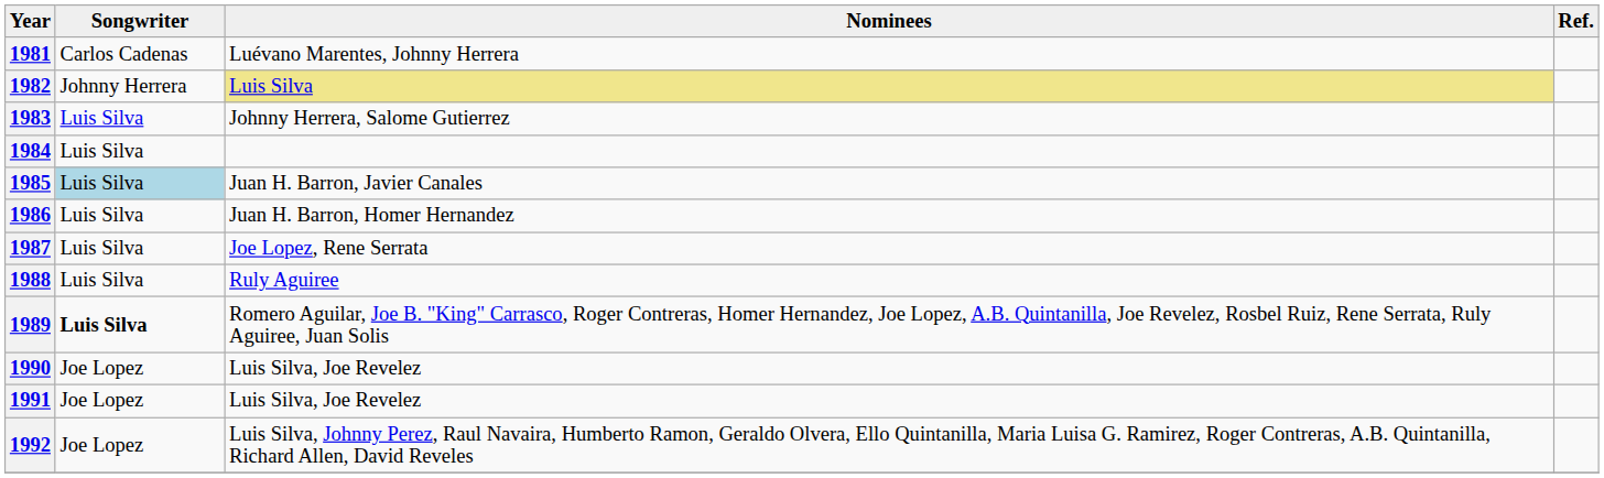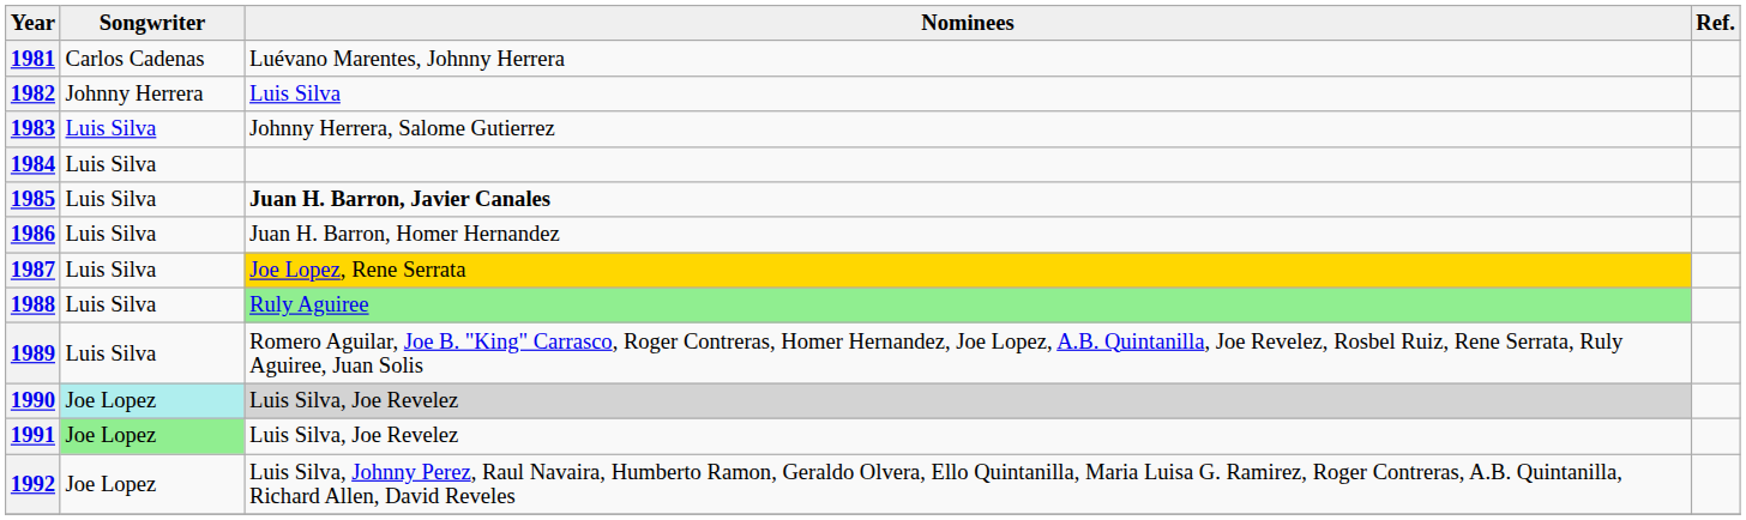 <table class="wikitable sortable">
 <tr>
 <th style="background:#efefef;">Year</th>
 <th style="background:#efefef; width:125px;">Songwriter</th>
 <th style="background:#efefef;" class="unsortable">Nominees</th>
 <th style="background:#efefef;" class="unsortable">Ref.</th>
 </tr>
 <tr>
 <th scope="row"><a href='#'>1981</a></th>
 <td>Carlos Cadenas</td>
 <td>Luévano Marentes, Johnny Herrera</td>
 <td style="text-align:center;"></td>
 </tr>
 <tr>
 <th scope="row"><a href='#'>1982</a></th>
 <td>Johnny Herrera</td>
-<td style="background: khaki;"><a href='#'>Luis Silva</a></td>
+<td><a href='#'>Luis Silva</a></td>
 <td style="text-align:center;"></td>
 </tr>
 <tr>
 <th scope="row"><a href='#'>1983</a></th>
 <td><a href='#'>Luis Silva</a></td>
 <td>Johnny Herrera, Salome Gutierrez</td>
 <td style="text-align:center;"></td>
 </tr>
 <tr>
 <th scope="row"><a href='#'>1984</a></th>
 <td>Luis Silva</td>
 <td></td>
 <td style="text-align:center;"></td>
 </tr>
 <tr>
 <th scope="row"><a href='#'>1985</a></th>
-<td style="background: lightblue;">Luis Silva</td>
-<td>Juan H. Barron, Javier Canales</td>
+<td>Luis Silva</td>
+<td><strong>Juan H. Barron, Javier Canales</strong></td>
 <td style="text-align:center;"></td>
 </tr>
 <tr>
 <th scope="row"><a href='#'>1986</a></th>
 <td>Luis Silva</td>
 <td>Juan H. Barron, Homer Hernandez</td>
 <td style="text-align:center;"></td>
 </tr>
 <tr>
 <th scope="row"><a href='#'>1987</a></th>
 <td>Luis Silva</td>
-<td><a href='#'>Joe Lopez</a>, Rene Serrata</td>
+<td style="background: gold;"><a href='#'>Joe Lopez</a>, Rene Serrata</td>
 <td style="text-align:center;"></td>
 </tr>
 <tr>
 <th scope="row"><a href='#'>1988</a></th>
 <td>Luis Silva</td>
-<td><a href='#'>Ruly Aguiree</a></td>
+<td style="background: lightgreen;"><a href='#'>Ruly Aguiree</a></td>
 <td style="text-align:center;"></td>
 </tr>
 <tr>
 <th scope="row"><a href='#'>1989</a></th>
-<td><strong>Luis Silva</strong></td>
+<td>Luis Silva</td>
 <td>Romero Aguilar, <a href='#'>Joe B. "King" Carrasco</a>, Roger Contreras, Homer Hernandez, Joe Lopez, <a href='#'>A.B. Quintanilla</a>, Joe Revelez, Rosbel Ruiz, Rene Serrata, Ruly Aguiree, Juan Solis</td>
 <td style="text-align:center;"></td>
 </tr>
 <tr>
 <th scope="row"><a href='#'>1990</a></th>
-<td>Joe Lopez</td>
-<td>Luis Silva, Joe Revelez</td>
+<td style="background: paleturquoise;">Joe Lopez</td>
+<td style="background: lightgrey;">Luis Silva, Joe Revelez</td>
 <td style="text-align:center;"></td>
 </tr>
 <tr>
 <th scope="row"><a href='#'>1991</a></th>
-<td>Joe Lopez</td>
+<td style="background: lightgreen;">Joe Lopez</td>
 <td>Luis Silva, Joe Revelez</td>
 <td style="text-align:center;"></td>
 </tr>
 <tr>
 <th scope="row"><a href='#'>1992</a></th>
 <td>Joe Lopez</td>
 <td>Luis Silva, <a href='#'>Johnny Perez</a>, Raul Navaira, Humberto Ramon, Geraldo Olvera, Ello Quintanilla, Maria Luisa G. Ramirez, Roger Contreras, A.B. Quintanilla, Richard Allen, David Reveles</td>
 <td style="text-align:center;"></td>
 </tr>
 <tr>
 </tr>
 </table>
